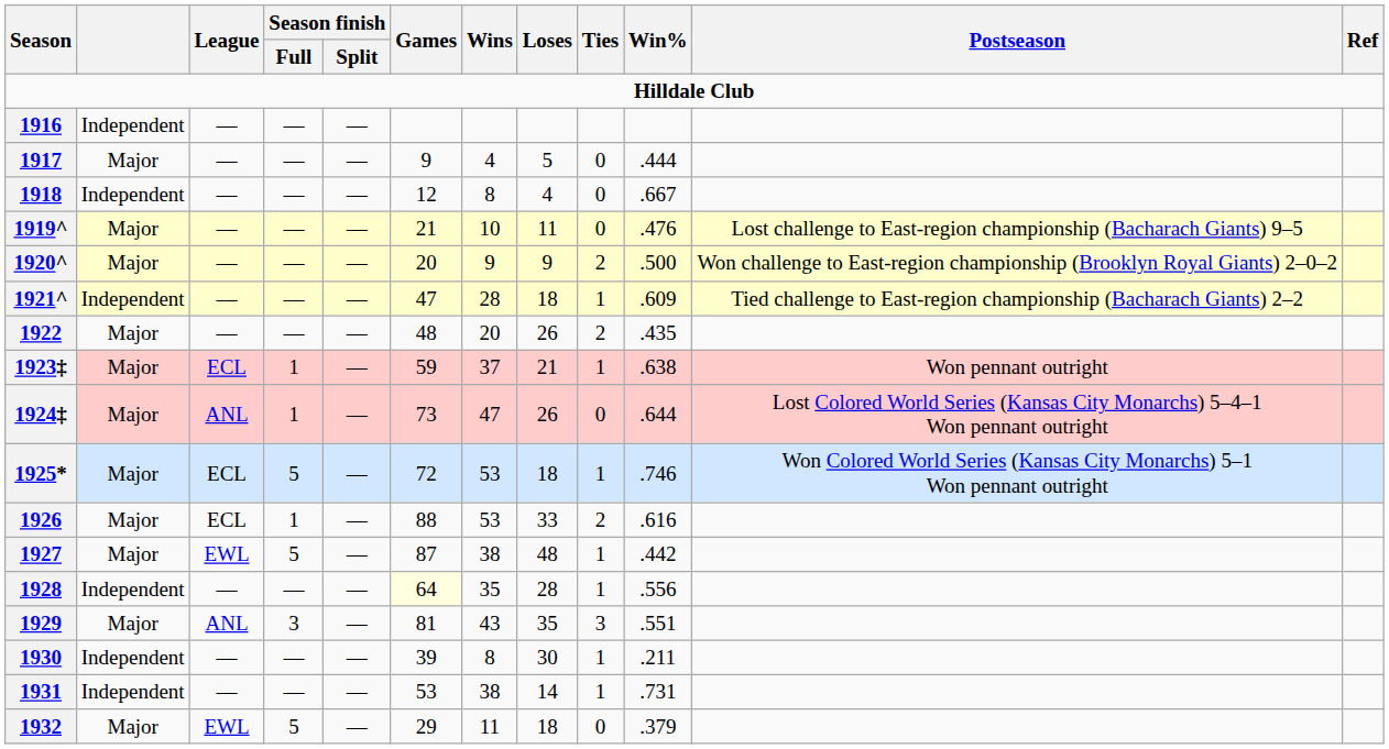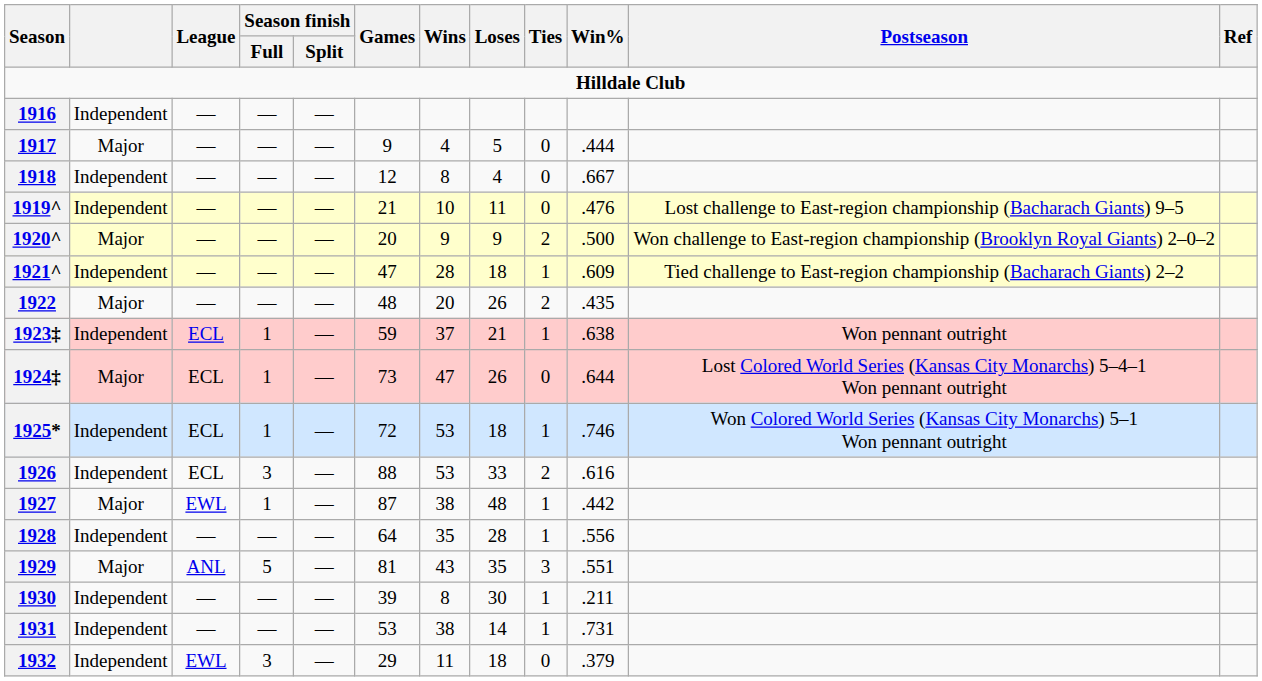 <table class="wikitable sortable" style="text-align:center; font-size:95%">
 <tr>
 <th rowspan="2">Season</th>
 <th rowspan="2"></th>
 <th rowspan="2">League</th>
 <th colspan="2">Season finish</th>
 <th rowspan="2">Games</th>
 <th rowspan="2">Wins</th>
 <th rowspan="2">Loses</th>
 <th rowspan="2">Ties</th>
 <th rowspan="2">Win%</th>
 <th rowspan="2"><a href='#'>Postseason</a></th>
 <th rowspan="2">Ref</th>
 </tr>
 <tr>
 <th>Full</th>
 <th>Split</th>
 </tr>
 <tr>
 <td align="center" colspan="12"><strong>Hilldale Club</strong></td>
 </tr>
 <tr>
 <th><a href='#'>1916</a></th>
 <td>Independent</td>
 <td>—</td>
 <td>—</td>
 <td>—</td>
 <td></td>
 <td></td>
 <td></td>
 <td></td>
 <td></td>
 <td></td>
 <td></td>
 </tr>
 <tr>
 <th><a href='#'>1917</a></th>
 <td>Major</td>
 <td>—</td>
 <td>—</td>
 <td>—</td>
 <td>9</td>
 <td>4</td>
 <td>5</td>
 <td>0</td>
 <td>.444</td>
 <td></td>
 <td></td>
 </tr>
 <tr>
 <th><a href='#'>1918</a></th>
 <td>Independent</td>
 <td>—</td>
 <td>—</td>
 <td>—</td>
 <td>12</td>
 <td>8</td>
 <td>4</td>
 <td>0</td>
 <td>.667</td>
 <td></td>
 <td></td>
 </tr>
 <tr bgcolor="#FFFFCC">
 <th><a href='#'>1919</a>^</th>
-<td>Major</td>
+<td>Independent</td>
 <td>—</td>
 <td>—</td>
 <td>—</td>
 <td>21</td>
 <td>10</td>
 <td>11</td>
 <td>0</td>
 <td>.476</td>
 <td>Lost challenge to East-region championship (<a href='#'>Bacharach Giants</a>) 9–5</td>
 <td></td>
 </tr>
 <tr bgcolor="#FFFFCC">
 <th><a href='#'>1920</a>^</th>
 <td>Major</td>
 <td>—</td>
 <td>—</td>
 <td>—</td>
 <td>20</td>
 <td>9</td>
 <td>9</td>
 <td>2</td>
 <td>.500</td>
 <td>Won challenge to East-region championship (<a href='#'>Brooklyn Royal Giants</a>) 2–0–2</td>
 <td></td>
 </tr>
 <tr bgcolor="#FFFFCC">
 <th><a href='#'>1921</a>^</th>
 <td>Independent</td>
 <td>—</td>
 <td>—</td>
 <td>—</td>
 <td>47</td>
 <td>28</td>
 <td>18</td>
 <td>1</td>
 <td>.609</td>
 <td>Tied challenge to East-region championship (<a href='#'>Bacharach Giants</a>) 2–2</td>
 <td></td>
 </tr>
 <tr>
 <th><a href='#'>1922</a></th>
 <td>Major</td>
 <td>—</td>
 <td>—</td>
 <td>—</td>
 <td>48</td>
 <td>20</td>
 <td>26</td>
 <td>2</td>
 <td>.435</td>
 <td></td>
 <td></td>
 </tr>
 <tr bgcolor="#FFCCCC">
 <th><a href='#'>1923</a>‡</th>
-<td>Major</td>
+<td>Independent</td>
 <td><a href='#'>ECL</a></td>
 <td>1</td>
 <td>—</td>
 <td>59</td>
 <td>37</td>
 <td>21</td>
 <td>1</td>
 <td>.638</td>
 <td>Won pennant outright</td>
 <td></td>
 </tr>
 <tr bgcolor="#FFCCCC">
 <th><a href='#'>1924</a>‡</th>
 <td>Major</td>
-<td><a href='#'>ANL</a></td>
+<td>ECL</td>
 <td>1</td>
 <td>—</td>
 <td>73</td>
 <td>47</td>
 <td>26</td>
 <td>0</td>
 <td>.644</td>
 <td>Lost <a href='#'>Colored World Series</a> (<a href='#'>Kansas City Monarchs</a>) 5–4–1<br>Won pennant outright</td>
 <td></td>
 </tr>
 <tr bgcolor="#D0E7FF">
 <th><a href='#'>1925</a>*</th>
-<td>Major</td>
+<td>Independent</td>
 <td>ECL</td>
-<td>5</td>
+<td>1</td>
 <td>—</td>
 <td>72</td>
 <td>53</td>
 <td>18</td>
 <td>1</td>
 <td>.746</td>
 <td>Won <a href='#'>Colored World Series</a> (<a href='#'>Kansas City Monarchs</a>) 5–1<br>Won pennant outright</td>
 <td></td>
 </tr>
 <tr>
 <th><a href='#'>1926</a></th>
-<td>Major</td>
+<td>Independent</td>
 <td>ECL</td>
-<td>1</td>
+<td>3</td>
 <td>—</td>
 <td>88</td>
 <td>53</td>
 <td>33</td>
 <td>2</td>
 <td>.616</td>
 <td></td>
 <td></td>
 </tr>
 <tr>
 <th><a href='#'>1927</a></th>
 <td>Major</td>
 <td><a href='#'>EWL</a></td>
-<td>5</td>
+<td>1</td>
 <td>—</td>
 <td>87</td>
 <td>38</td>
 <td>48</td>
 <td>1</td>
 <td>.442</td>
 <td></td>
 <td></td>
 </tr>
 <tr>
 <th><a href='#'>1928</a></th>
 <td>Independent</td>
 <td>—</td>
 <td>—</td>
 <td>—</td>
-<td style="background: lightyellow;">64</td>
+<td>64</td>
 <td>35</td>
 <td>28</td>
 <td>1</td>
 <td>.556</td>
 <td></td>
 <td></td>
 </tr>
 <tr>
 <th><a href='#'>1929</a></th>
 <td>Major</td>
 <td><a href='#'>ANL</a></td>
-<td>3</td>
+<td>5</td>
 <td>—</td>
 <td>81</td>
 <td>43</td>
 <td>35</td>
 <td>3</td>
 <td>.551</td>
 <td></td>
 <td></td>
 </tr>
 <tr>
 <th><a href='#'>1930</a></th>
 <td>Independent</td>
 <td>—</td>
 <td>—</td>
 <td>—</td>
 <td>39</td>
 <td>8</td>
 <td>30</td>
 <td>1</td>
 <td>.211</td>
 <td></td>
 <td></td>
 </tr>
 <tr>
 <th><a href='#'>1931</a></th>
 <td>Independent</td>
 <td>—</td>
 <td>—</td>
 <td>—</td>
 <td>53</td>
 <td>38</td>
 <td>14</td>
 <td>1</td>
 <td>.731</td>
 <td></td>
 <td></td>
 </tr>
 <tr>
 <th><a href='#'>1932</a></th>
-<td>Major</td>
+<td>Independent</td>
 <td><a href='#'>EWL</a></td>
-<td>5</td>
+<td>3</td>
 <td>—</td>
 <td>29</td>
 <td>11</td>
 <td>18</td>
 <td>0</td>
 <td>.379</td>
 <td></td>
 <td></td>
 </tr>
 </table>
